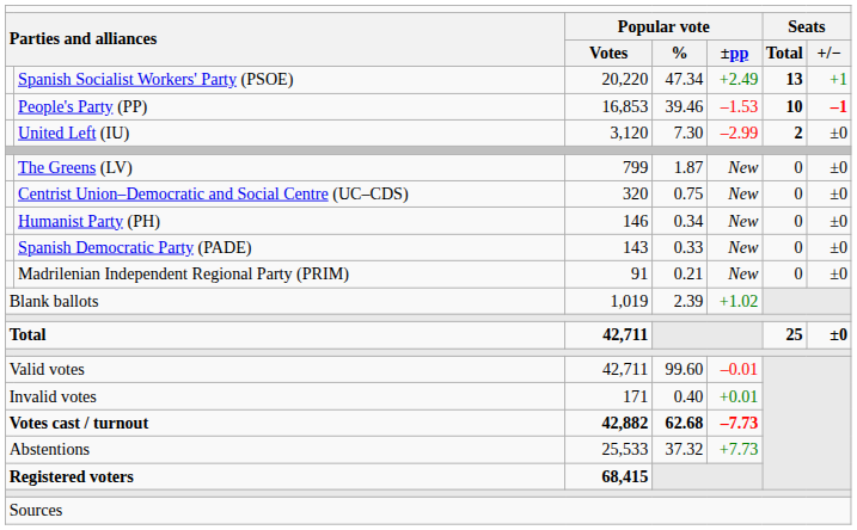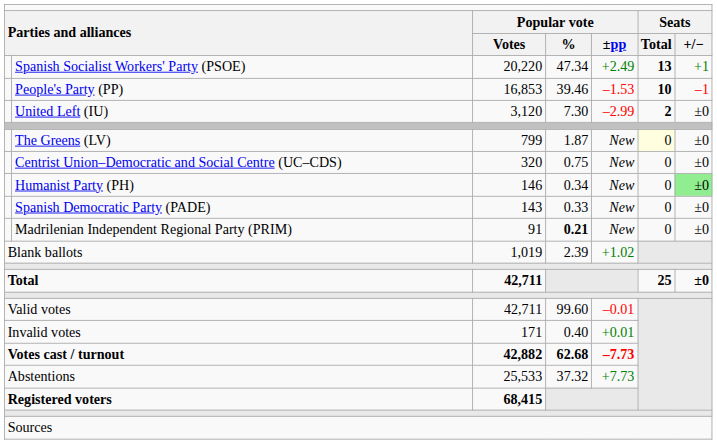 <table class="wikitable" style="text-align:right;">
 <tr>
 <td colspan="7"></td>
 </tr>
 <tr>
 <th style="text-align:left;" rowspan="2" colspan="2" width="525">Parties and alliances</th>
 <th colspan="3">Popular vote</th>
 <th colspan="2">Seats</th>
 </tr>
 <tr>
 <th width="75">Votes</th>
 <th width="45">%</th>
 <th width="45">±<a href='#'>pp</a></th>
 <th width="35">Total</th>
 <th width="35">+/−</th>
 </tr>
 <tr>
 <td width="1" style="color:inherit;background:"></td>
 <td align="left"><a href='#'>Spanish Socialist Workers' Party</a> (PSOE)</td>
 <td>20,220</td>
 <td>47.34</td>
 <td style="color:green;">+2.49</td>
 <td><strong>13</strong></td>
 <td style="color:green;">+1</td>
 </tr>
 <tr>
 <td style="color:inherit;background:"></td>
 <td align="left"><a href='#'>People's Party</a> (PP)</td>
 <td>16,853</td>
 <td>39.46</td>
 <td style="color:red;">–1.53</td>
 <td><strong>10</strong></td>
-<td style="color:red;"><strong>–1</strong></td>
+<td style="color:red;">–1</td>
 </tr>
 <tr>
 <td style="color:inherit;background:"></td>
 <td align="left"><a href='#'>United Left</a> (IU)</td>
 <td>3,120</td>
 <td>7.30</td>
 <td style="color:red;">–2.99</td>
 <td><strong>2</strong></td>
 <td>±0</td>
 </tr>
 <tr>
 <td colspan="7" bgcolor="#C0C0C0"></td>
 </tr>
 <tr>
 <td style="color:inherit;background:"></td>
 <td align="left"><a href='#'>The Greens</a> (LV)</td>
 <td>799</td>
 <td>1.87</td>
 <td><em>New</em></td>
-<td>0</td>
+<td style="background: lightyellow;">0</td>
 <td>±0</td>
 </tr>
 <tr>
 <td style="color:inherit;background:"></td>
 <td align="left"><a href='#'>Centrist Union–Democratic and Social Centre</a> (UC–CDS)</td>
 <td>320</td>
 <td>0.75</td>
 <td><em>New</em></td>
 <td>0</td>
 <td>±0</td>
 </tr>
 <tr>
 <td style="color:inherit;background:"></td>
 <td align="left"><a href='#'>Humanist Party</a> (PH)</td>
 <td>146</td>
 <td>0.34</td>
 <td><em>New</em></td>
 <td>0</td>
-<td>±0</td>
+<td style="background: lightgreen;">±0</td>
 </tr>
 <tr>
 <td style="color:inherit;background:"></td>
 <td align="left"><a href='#'>Spanish Democratic Party</a> (PADE)</td>
 <td>143</td>
 <td>0.33</td>
 <td><em>New</em></td>
 <td>0</td>
 <td>±0</td>
 </tr>
 <tr>
 <td style="color:inherit;background:"></td>
 <td align="left">Madrilenian Independent Regional Party (PRIM)</td>
 <td>91</td>
-<td>0.21</td>
+<td><strong>0.21</strong></td>
 <td><em>New</em></td>
 <td>0</td>
 <td>±0</td>
 </tr>
 <tr>
 <td align="left" colspan="2">Blank ballots</td>
 <td>1,019</td>
 <td>2.39</td>
 <td style="color:green;">+1.02</td>
 <td bgcolor="#E9E9E9" colspan="2"></td>
 </tr>
 <tr>
 <td colspan="7" bgcolor="#E9E9E9"></td>
 </tr>
 <tr style="font-weight:bold;">
 <td align="left" colspan="2">Total</td>
 <td>42,711</td>
 <td bgcolor="#E9E9E9" colspan="2"></td>
 <td>25</td>
 <td>±0</td>
 </tr>
 <tr>
 <td colspan="7" bgcolor="#E9E9E9"></td>
 </tr>
 <tr>
 <td align="left" colspan="2">Valid votes</td>
 <td>42,711</td>
 <td>99.60</td>
 <td style="color:red;">–0.01</td>
 <td bgcolor="#E9E9E9" colspan="2" rowspan="5"></td>
 </tr>
 <tr>
 <td align="left" colspan="2">Invalid votes</td>
 <td>171</td>
 <td>0.40</td>
 <td style="color:green;">+0.01</td>
 </tr>
 <tr style="font-weight:bold;">
 <td align="left" colspan="2">Votes cast / turnout</td>
 <td>42,882</td>
 <td>62.68</td>
 <td style="color:red;">–7.73</td>
 </tr>
 <tr>
 <td align="left" colspan="2">Abstentions</td>
 <td>25,533</td>
 <td>37.32</td>
 <td style="color:green;">+7.73</td>
 </tr>
 <tr style="font-weight:bold;">
 <td align="left" colspan="2">Registered voters</td>
 <td>68,415</td>
 <td bgcolor="#E9E9E9" colspan="2"></td>
 </tr>
 <tr>
 <td colspan="7" bgcolor="#E9E9E9"></td>
 </tr>
 <tr>
 <td align="left" colspan="7">Sources</td>
 </tr>
 </table>
